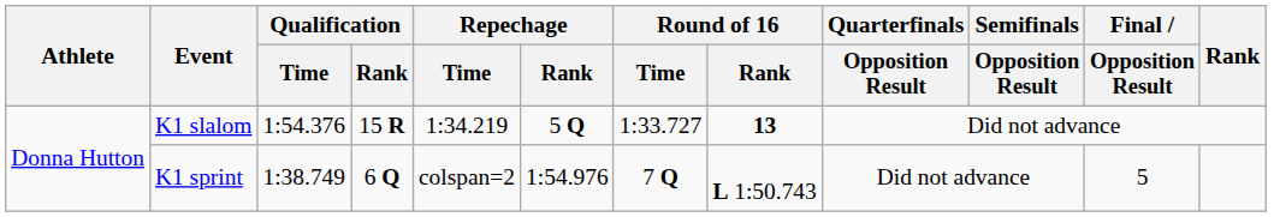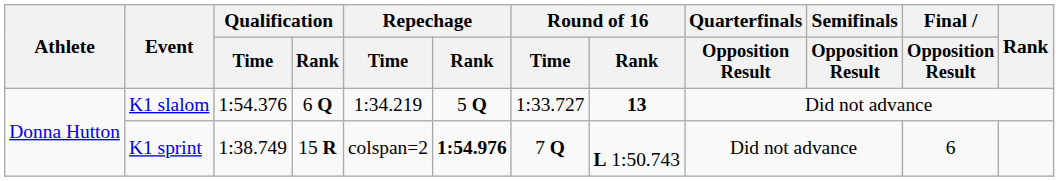 <table class="wikitable" style="font-size:90%;">
 <tr>
 <th rowspan=2>Athlete</th>
 <th rowspan=2>Event</th>
 <th colspan=2>Qualification</th>
 <th colspan=2>Repechage</th>
 <th colspan=2>Round of 16</th>
 <th>Quarterfinals</th>
 <th>Semifinals</th>
 <th>Final / </th>
 <th rowspan=2>Rank</th>
 </tr>
 <tr style="font-size:95%">
 <th>Time</th>
 <th>Rank</th>
 <th>Time</th>
 <th>Rank</th>
 <th>Time</th>
 <th>Rank</th>
 <th>Opposition <br>Result</th>
 <th>Opposition <br>Result</th>
 <th>Opposition <br>Result</th>
 </tr>
 <tr align=center>
 <td rowspan=2 align=left><a href='#'>Donna Hutton</a></td>
 <td align=left><a href='#'>K1 slalom</a></td>
 <td>1:54.376</td>
-<td>15 <strong>R</strong></td>
+<td>6 <strong>Q</strong></td>
 <td>1:34.219</td>
 <td>5 <strong>Q</strong></td>
 <td>1:33.727</td>
 <td><strong>13</strong></td>
 <td colspan=4>Did not advance</td>
 </tr>
 <tr align=center>
 <td align=left><a href='#'>K1 sprint</a></td>
 <td>1:38.749</td>
-<td>6 <strong>Q</strong></td>
+<td>15 <strong>R</strong></td>
 <td>colspan=2 </td>
-<td>1:54.976</td>
+<td><strong>1:54.976</strong></td>
 <td>7 <strong>Q</strong></td>
 <td><br><strong>L</strong> 1:50.743</td>
 <td colspan=2>Did not advance</td>
-<td>5</td>
+<td>6</td>
 </tr>
 </table>
